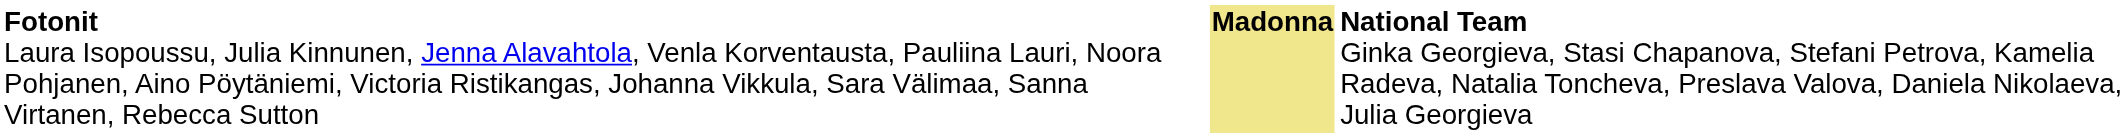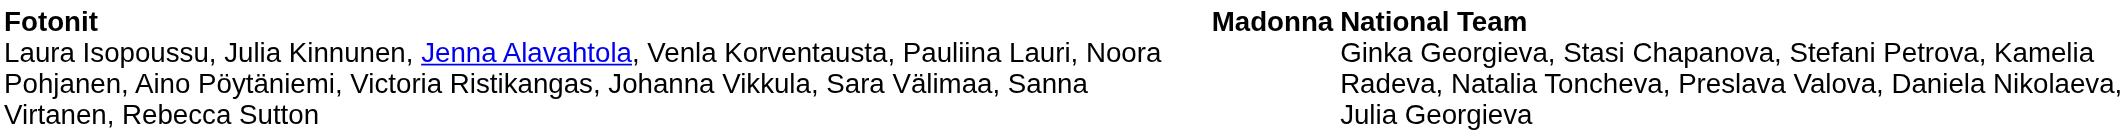 <table>
 <tr bgcolor="#DFDFDF">
 </tr>
 <tr>
 <th scope=row style="text-align:left"></th>
 <td valign="top"><strong>Fotonit</strong> <br>Laura Isopoussu, Julia Kinnunen, <a href='#'>Jenna Alavahtola</a>, Venla Korventausta, Pauliina Lauri, Noora Pohjanen, Aino Pöytäniemi, Victoria Ristikangas, Johanna Vikkula, Sara Välimaa, Sanna Virtanen, Rebecca Sutton</td>
-<td valign="top" style="background: khaki;"><strong>Madonna</strong> </td>
+<td valign="top"><strong>Madonna</strong> </td>
 <td valign="top"><strong>National Team</strong> <br>Ginka Georgieva, Stasi Chapanova, Stefani Petrova, Kamelia Radeva, Natalia Toncheva, Preslava Valova, Daniela Nikolaeva, Julia Georgieva</td>
 </tr>
 <tr>
 </tr>
 </table>
